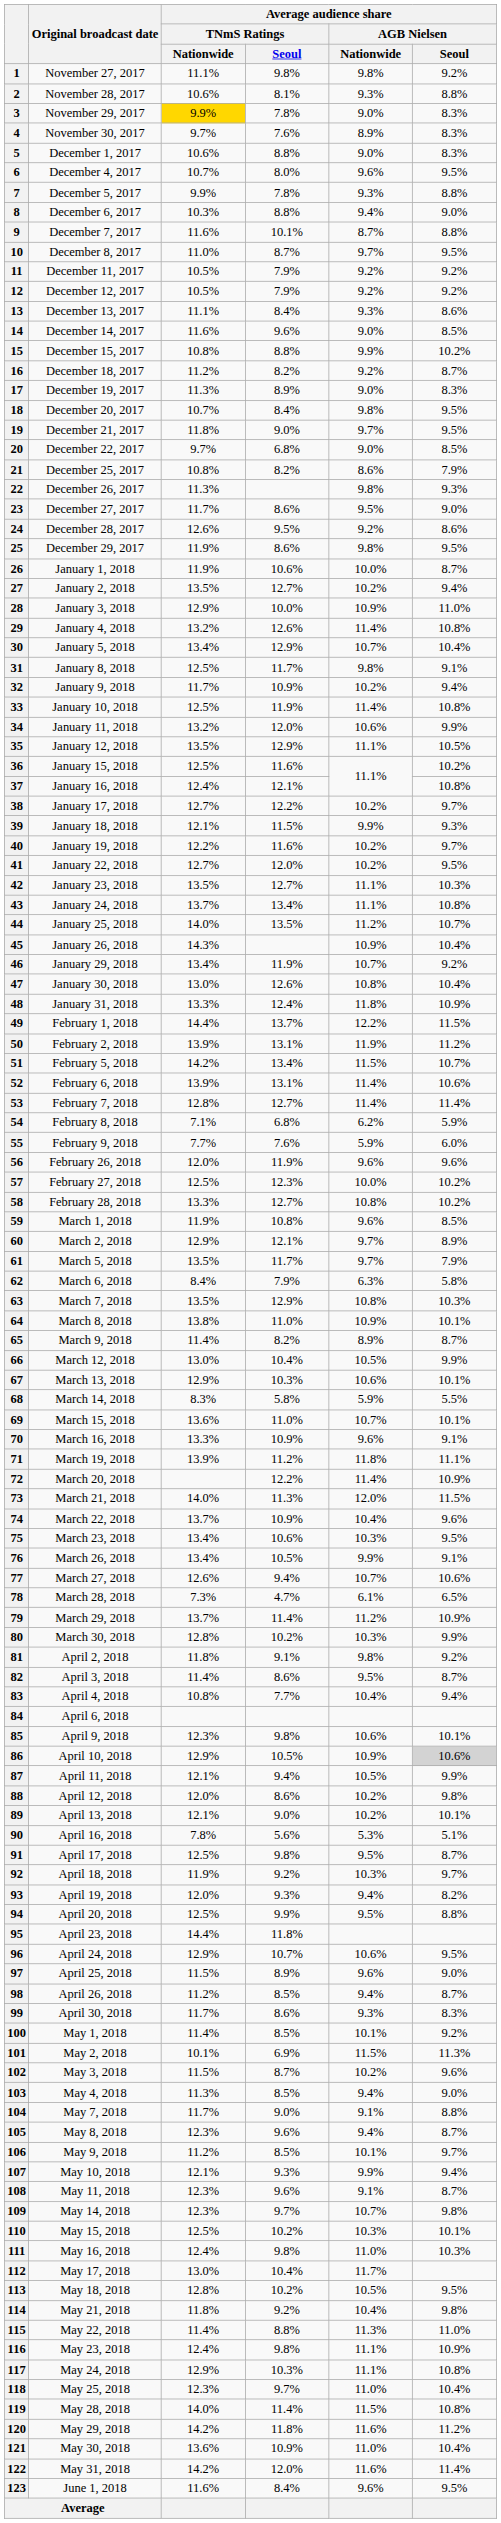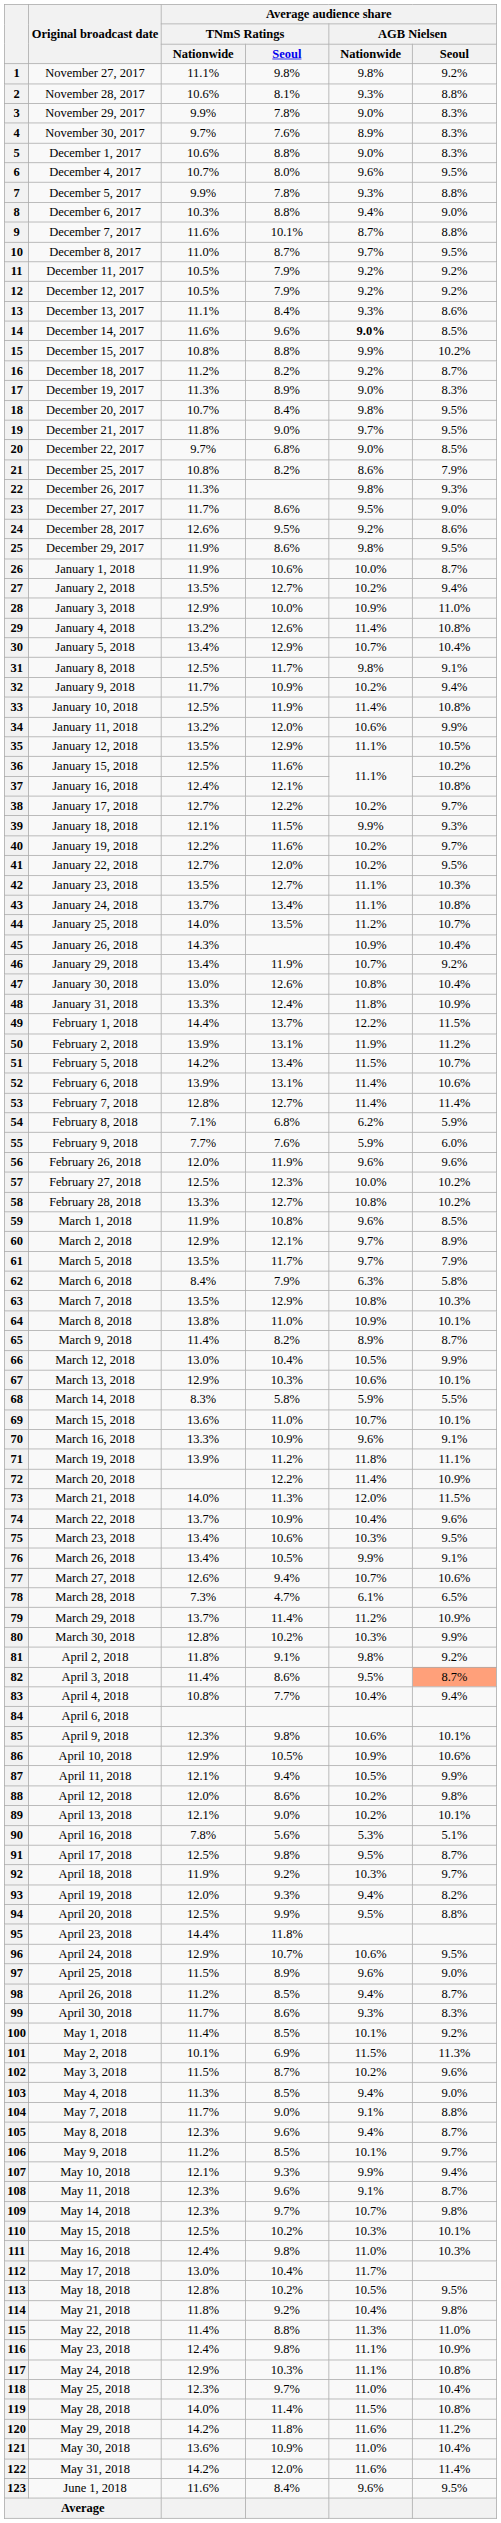 <table class="wikitable" style="text-align:center">
 <tr>
 <th rowspan="3"></th>
 <th rowspan="3">Original broadcast date</th>
 <th colspan="4">Average audience share</th>
 </tr>
 <tr>
 <th colspan="2">TNmS Ratings</th>
 <th colspan="2">AGB Nielsen</th>
 </tr>
 <tr>
 <th width=100>Nationwide</th>
 <th width=100><a href='#'>Seoul</a></th>
 <th width=100>Nationwide</th>
 <th width=100>Seoul</th>
 </tr>
 <tr>
 <th>1</th>
 <td>November 27, 2017</td>
 <td>11.1% </td>
 <td>9.8% </td>
 <td>9.8% </td>
 <td>9.2% </td>
 </tr>
 <tr>
 <th>2</th>
 <td>November 28, 2017</td>
 <td>10.6% </td>
 <td>8.1% </td>
 <td>9.3% </td>
 <td>8.8% </td>
 </tr>
 <tr>
 <th>3</th>
 <td>November 29, 2017</td>
-<td style="background: gold;">9.9% </td>
+<td>9.9% </td>
 <td>7.8% </td>
 <td>9.0% </td>
 <td>8.3% </td>
 </tr>
 <tr>
 <th>4</th>
 <td>November 30, 2017</td>
 <td>9.7% </td>
 <td>7.6% </td>
 <td>8.9% </td>
 <td>8.3% </td>
 </tr>
 <tr>
 <th>5</th>
 <td>December 1, 2017</td>
 <td>10.6% </td>
 <td>8.8% </td>
 <td>9.0% </td>
 <td>8.3% </td>
 </tr>
 <tr>
 <th>6</th>
 <td>December 4, 2017</td>
 <td>10.7% </td>
 <td>8.0% </td>
 <td>9.6% </td>
 <td>9.5% </td>
 </tr>
 <tr>
 <th>7</th>
 <td>December 5, 2017</td>
 <td>9.9% </td>
 <td>7.8% </td>
 <td>9.3% </td>
 <td>8.8% </td>
 </tr>
 <tr>
 <th>8</th>
 <td>December 6, 2017</td>
 <td>10.3% </td>
 <td>8.8% </td>
 <td>9.4% </td>
 <td>9.0% </td>
 </tr>
 <tr>
 <th>9</th>
 <td>December 7, 2017</td>
 <td>11.6% </td>
 <td>10.1% </td>
 <td>8.7% </td>
 <td>8.8% </td>
 </tr>
 <tr>
 <th>10</th>
 <td>December 8, 2017</td>
 <td>11.0% </td>
 <td>8.7% </td>
 <td>9.7% </td>
 <td>9.5% </td>
 </tr>
 <tr>
 <th>11</th>
 <td>December 11, 2017</td>
 <td>10.5% </td>
 <td>7.9% </td>
 <td>9.2% </td>
 <td>9.2% </td>
 </tr>
 <tr>
 <th>12</th>
 <td>December 12, 2017</td>
 <td>10.5% </td>
 <td>7.9% </td>
 <td>9.2% </td>
 <td>9.2% </td>
 </tr>
 <tr>
 <th>13</th>
 <td>December 13, 2017</td>
 <td>11.1% </td>
 <td>8.4% </td>
 <td>9.3% </td>
 <td>8.6% </td>
 </tr>
 <tr>
 <th>14</th>
 <td>December 14, 2017</td>
 <td>11.6% </td>
 <td>9.6% </td>
-<td>9.0% </td>
+<td><strong>9.0% </strong></td>
 <td>8.5% </td>
 </tr>
 <tr>
 <th>15</th>
 <td>December 15, 2017</td>
 <td>10.8% </td>
 <td>8.8% </td>
 <td>9.9% </td>
 <td>10.2% </td>
 </tr>
 <tr>
 <th>16</th>
 <td>December 18, 2017</td>
 <td>11.2% </td>
 <td>8.2% </td>
 <td>9.2% </td>
 <td>8.7% </td>
 </tr>
 <tr>
 <th>17</th>
 <td>December 19, 2017</td>
 <td>11.3% </td>
 <td>8.9% </td>
 <td>9.0% </td>
 <td>8.3% </td>
 </tr>
 <tr>
 <th>18</th>
 <td>December 20, 2017</td>
 <td>10.7% </td>
 <td>8.4% </td>
 <td>9.8% </td>
 <td>9.5% </td>
 </tr>
 <tr>
 <th>19</th>
 <td>December 21, 2017</td>
 <td>11.8% </td>
 <td>9.0% </td>
 <td>9.7% </td>
 <td>9.5% </td>
 </tr>
 <tr>
 <th>20</th>
 <td>December 22, 2017</td>
 <td>9.7% </td>
 <td>6.8% </td>
 <td>9.0% </td>
 <td>8.5% </td>
 </tr>
 <tr>
 <th>21</th>
 <td>December 25, 2017</td>
 <td>10.8% </td>
 <td>8.2% </td>
 <td>8.6% </td>
 <td>7.9% </td>
 </tr>
 <tr>
 <th>22</th>
 <td>December 26, 2017</td>
 <td>11.3% </td>
 <td></td>
 <td>9.8% </td>
 <td>9.3% </td>
 </tr>
 <tr>
 <th>23</th>
 <td>December 27, 2017</td>
 <td>11.7% </td>
 <td>8.6% </td>
 <td>9.5% </td>
 <td>9.0% </td>
 </tr>
 <tr>
 <th>24</th>
 <td>December 28, 2017</td>
 <td>12.6% </td>
 <td>9.5% </td>
 <td>9.2% </td>
 <td>8.6% </td>
 </tr>
 <tr>
 <th>25</th>
 <td>December 29, 2017</td>
 <td>11.9% </td>
 <td>8.6% </td>
 <td>9.8% </td>
 <td>9.5% </td>
 </tr>
 <tr>
 <th>26</th>
 <td>January 1, 2018</td>
 <td>11.9% </td>
 <td>10.6%</td>
 <td>10.0% </td>
 <td>8.7% </td>
 </tr>
 <tr>
 <th>27</th>
 <td>January 2, 2018</td>
 <td>13.5% </td>
 <td>12.7%</td>
 <td>10.2% </td>
 <td>9.4% </td>
 </tr>
 <tr>
 <th>28</th>
 <td>January 3, 2018</td>
 <td>12.9% </td>
 <td>10.0% </td>
 <td>10.9% </td>
 <td>11.0% </td>
 </tr>
 <tr>
 <th>29</th>
 <td>January 4, 2018</td>
 <td>13.2% </td>
 <td>12.6%</td>
 <td>11.4% </td>
 <td>10.8% </td>
 </tr>
 <tr>
 <th>30</th>
 <td>January 5, 2018</td>
 <td>13.4% </td>
 <td>12.9%</td>
 <td>10.7% </td>
 <td>10.4% </td>
 </tr>
 <tr>
 <th>31</th>
 <td>January 8, 2018</td>
 <td>12.5% </td>
 <td>11.7%</td>
 <td>9.8% </td>
 <td>9.1% </td>
 </tr>
 <tr>
 <th>32</th>
 <td>January 9, 2018</td>
 <td>11.7% </td>
 <td>10.9%</td>
 <td>10.2% </td>
 <td>9.4% </td>
 </tr>
 <tr>
 <th>33</th>
 <td>January 10, 2018</td>
 <td>12.5% </td>
 <td>11.9%</td>
 <td>11.4% </td>
 <td>10.8% </td>
 </tr>
 <tr>
 <th>34</th>
 <td>January 11, 2018</td>
 <td>13.2% </td>
 <td>12.0%</td>
 <td>10.6% </td>
 <td>9.9% </td>
 </tr>
 <tr>
 <th>35</th>
 <td>January 12, 2018</td>
 <td>13.5% </td>
 <td>12.9%</td>
 <td>11.1% </td>
 <td>10.5% </td>
 </tr>
 <tr>
 <th>36</th>
 <td>January 15, 2018</td>
 <td>12.5% </td>
 <td>11.6%</td>
 <td rowspan=2>11.1% </td>
 <td>10.2% </td>
 </tr>
 <tr>
 <th>37</th>
 <td>January 16, 2018</td>
 <td>12.4% </td>
 <td>12.1%</td>
 <td>10.8% </td>
 </tr>
 <tr>
 <th>38</th>
 <td>January 17, 2018</td>
 <td>12.7% </td>
 <td>12.2%</td>
 <td>10.2% </td>
 <td>9.7% </td>
 </tr>
 <tr>
 <th>39</th>
 <td>January 18, 2018</td>
 <td>12.1% </td>
 <td>11.5%</td>
 <td>9.9% </td>
 <td>9.3% </td>
 </tr>
 <tr>
 <th>40</th>
 <td>January 19, 2018</td>
 <td>12.2% </td>
 <td>11.6%</td>
 <td>10.2% </td>
 <td>9.7% </td>
 </tr>
 <tr>
 <th>41</th>
 <td>January 22, 2018</td>
 <td>12.7% </td>
 <td>12.0%</td>
 <td>10.2% </td>
 <td>9.5% </td>
 </tr>
 <tr>
 <th>42</th>
 <td>January 23, 2018</td>
 <td>13.5% </td>
 <td>12.7%</td>
 <td>11.1% </td>
 <td>10.3% </td>
 </tr>
 <tr>
 <th>43</th>
 <td>January 24, 2018</td>
 <td>13.7% </td>
 <td>13.4%</td>
 <td>11.1% </td>
 <td>10.8% </td>
 </tr>
 <tr>
 <th>44</th>
 <td>January 25, 2018</td>
 <td>14.0% </td>
 <td>13.5%</td>
 <td>11.2% </td>
 <td>10.7% </td>
 </tr>
 <tr>
 <th>45</th>
 <td>January 26, 2018</td>
 <td>14.3% </td>
 <td></td>
 <td>10.9% </td>
 <td>10.4% </td>
 </tr>
 <tr>
 <th>46</th>
 <td>January 29, 2018</td>
 <td>13.4% </td>
 <td>11.9%</td>
 <td>10.7% </td>
 <td>9.2% </td>
 </tr>
 <tr>
 <th>47</th>
 <td>January 30, 2018</td>
 <td>13.0% </td>
 <td>12.6%</td>
 <td>10.8% </td>
 <td>10.4% </td>
 </tr>
 <tr>
 <th>48</th>
 <td>January 31, 2018</td>
 <td>13.3% </td>
 <td>12.4%</td>
 <td>11.8% </td>
 <td>10.9% </td>
 </tr>
 <tr>
 <th>49</th>
 <td>February 1, 2018</td>
 <td>14.4% </td>
 <td>13.7%</td>
 <td>12.2% </td>
 <td>11.5% </td>
 </tr>
 <tr>
 <th>50</th>
 <td>February 2, 2018</td>
 <td>13.9% </td>
 <td>13.1%</td>
 <td>11.9% </td>
 <td>11.2% </td>
 </tr>
 <tr>
 <th>51</th>
 <td>February 5, 2018</td>
 <td>14.2% </td>
 <td>13.4%</td>
 <td>11.5% </td>
 <td>10.7% </td>
 </tr>
 <tr>
 <th>52</th>
 <td>February 6, 2018</td>
 <td>13.9% </td>
 <td>13.1%</td>
 <td>11.4% </td>
 <td>10.6% </td>
 </tr>
 <tr>
 <th>53</th>
 <td>February 7, 2018</td>
 <td>12.8% </td>
 <td>12.7%</td>
 <td>11.4% </td>
 <td>11.4% </td>
 </tr>
 <tr>
 <th>54</th>
 <td>February 8, 2018</td>
 <td>7.1% </td>
 <td>6.8%</td>
 <td>6.2% </td>
 <td>5.9% </td>
 </tr>
 <tr>
 <th>55</th>
 <td>February 9, 2018</td>
 <td>7.7% </td>
 <td>7.6%</td>
 <td>5.9% </td>
 <td>6.0% </td>
 </tr>
 <tr>
 <th>56</th>
 <td>February 26, 2018</td>
 <td>12.0% </td>
 <td>11.9%</td>
 <td>9.6% </td>
 <td>9.6% </td>
 </tr>
 <tr>
 <th>57</th>
 <td>February 27, 2018</td>
 <td>12.5% </td>
 <td>12.3%</td>
 <td>10.0% </td>
 <td>10.2% </td>
 </tr>
 <tr>
 <th>58</th>
 <td>February 28, 2018</td>
 <td>13.3% </td>
 <td>12.7%</td>
 <td>10.8% </td>
 <td>10.2% </td>
 </tr>
 <tr>
 <th>59</th>
 <td>March 1, 2018</td>
 <td>11.9% </td>
 <td>10.8%</td>
 <td>9.6% </td>
 <td>8.5% </td>
 </tr>
 <tr>
 <th>60</th>
 <td>March 2, 2018</td>
 <td>12.9% </td>
 <td>12.1%</td>
 <td>9.7% </td>
 <td>8.9% </td>
 </tr>
 <tr>
 <th>61</th>
 <td>March 5, 2018</td>
 <td>13.5% </td>
 <td>11.7%</td>
 <td>9.7% </td>
 <td>7.9% </td>
 </tr>
 <tr>
 <th>62</th>
 <td>March 6, 2018</td>
 <td>8.4% </td>
 <td>7.9%</td>
 <td>6.3% </td>
 <td>5.8% </td>
 </tr>
 <tr>
 <th>63</th>
 <td>March 7, 2018</td>
 <td>13.5% </td>
 <td>12.9%</td>
 <td>10.8% </td>
 <td>10.3% </td>
 </tr>
 <tr>
 <th>64</th>
 <td>March 8, 2018</td>
 <td>13.8% </td>
 <td>11.0%</td>
 <td>10.9% </td>
 <td>10.1% </td>
 </tr>
 <tr>
 <th>65</th>
 <td>March 9, 2018</td>
 <td>11.4% </td>
 <td>8.2%</td>
 <td>8.9% </td>
 <td>8.7% </td>
 </tr>
 <tr>
 <th>66</th>
 <td>March 12, 2018</td>
 <td>13.0% </td>
 <td>10.4%</td>
 <td>10.5% </td>
 <td>9.9% </td>
 </tr>
 <tr>
 <th>67</th>
 <td>March 13, 2018</td>
 <td>12.9% </td>
 <td>10.3%</td>
 <td>10.6% </td>
 <td>10.1% </td>
 </tr>
 <tr>
 <th>68</th>
 <td>March 14, 2018</td>
 <td>8.3% </td>
 <td>5.8%</td>
 <td>5.9% </td>
 <td>5.5% </td>
 </tr>
 <tr>
 <th>69</th>
 <td>March 15, 2018</td>
 <td>13.6% </td>
 <td>11.0%</td>
 <td>10.7% </td>
 <td>10.1% </td>
 </tr>
 <tr>
 <th>70</th>
 <td>March 16, 2018</td>
 <td>13.3% </td>
 <td>10.9%</td>
 <td>9.6% </td>
 <td>9.1% </td>
 </tr>
 <tr>
 <th>71</th>
 <td>March 19, 2018</td>
 <td>13.9% </td>
 <td>11.2%</td>
 <td>11.8% </td>
 <td>11.1% </td>
 </tr>
 <tr>
 <th>72</th>
 <td>March 20, 2018</td>
 <td> </td>
 <td>12.2%</td>
 <td>11.4% </td>
 <td>10.9% </td>
 </tr>
 <tr>
 <th>73</th>
 <td>March 21, 2018</td>
 <td>14.0% </td>
 <td>11.3%</td>
 <td>12.0% </td>
 <td>11.5% </td>
 </tr>
 <tr>
 <th>74</th>
 <td>March 22, 2018</td>
 <td>13.7% </td>
 <td>10.9%</td>
 <td>10.4% </td>
 <td>9.6% </td>
 </tr>
 <tr>
 <th>75</th>
 <td>March 23, 2018</td>
 <td>13.4% </td>
 <td>10.6%</td>
 <td>10.3% </td>
 <td>9.5% </td>
 </tr>
 <tr>
 <th>76</th>
 <td>March 26, 2018</td>
 <td>13.4% </td>
 <td>10.5%</td>
 <td>9.9% </td>
 <td>9.1% </td>
 </tr>
 <tr>
 <th>77</th>
 <td>March 27, 2018</td>
 <td>12.6% </td>
 <td>9.4%</td>
 <td>10.7% </td>
 <td>10.6% </td>
 </tr>
 <tr>
 <th>78</th>
 <td>March 28, 2018</td>
 <td>7.3% </td>
 <td>4.7%</td>
 <td>6.1% </td>
 <td>6.5% </td>
 </tr>
 <tr>
 <th>79</th>
 <td>March 29, 2018</td>
 <td>13.7% </td>
 <td>11.4%</td>
 <td>11.2% </td>
 <td>10.9% </td>
 </tr>
 <tr>
 <th>80</th>
 <td>March 30, 2018</td>
 <td>12.8% </td>
 <td>10.2%</td>
 <td>10.3% </td>
 <td>9.9% </td>
 </tr>
 <tr>
 <th>81</th>
 <td>April 2, 2018</td>
 <td>11.8% </td>
 <td>9.1%</td>
 <td>9.8% </td>
 <td>9.2% </td>
 </tr>
 <tr>
 <th>82</th>
 <td>April 3, 2018</td>
 <td>11.4% </td>
 <td>8.6%</td>
 <td>9.5% </td>
-<td>8.7% </td>
+<td style="background: lightsalmon;">8.7% </td>
 </tr>
 <tr>
 <th>83</th>
 <td>April 4, 2018</td>
 <td>10.8% </td>
 <td>7.7%</td>
 <td>10.4% </td>
 <td>9.4% </td>
 </tr>
 <tr>
 <th>84</th>
 <td>April 6, 2018</td>
 <td> </td>
 <td></td>
 <td> </td>
 <td> </td>
 </tr>
 <tr>
 <th>85</th>
 <td>April 9, 2018</td>
 <td>12.3% </td>
 <td>9.8%</td>
 <td>10.6% </td>
 <td>10.1% </td>
 </tr>
 <tr>
 <th>86</th>
 <td>April 10, 2018</td>
 <td>12.9% </td>
 <td>10.5%</td>
 <td>10.9% </td>
-<td style="background: lightgrey;">10.6% </td>
+<td>10.6% </td>
 </tr>
 <tr>
 <th>87</th>
 <td>April 11, 2018</td>
 <td>12.1% </td>
 <td>9.4%</td>
 <td>10.5% </td>
 <td>9.9% </td>
 </tr>
 <tr>
 <th>88</th>
 <td>April 12, 2018</td>
 <td>12.0% </td>
 <td>8.6%</td>
 <td>10.2% </td>
 <td>9.8% </td>
 </tr>
 <tr>
 <th>89</th>
 <td>April 13, 2018</td>
 <td>12.1% </td>
 <td>9.0%</td>
 <td>10.2% </td>
 <td>10.1% </td>
 </tr>
 <tr>
 <th>90</th>
 <td>April 16, 2018</td>
 <td>7.8% </td>
 <td>5.6%</td>
 <td>5.3% </td>
 <td>5.1% </td>
 </tr>
 <tr>
 <th>91</th>
 <td>April 17, 2018</td>
 <td>12.5% </td>
 <td>9.8%</td>
 <td>9.5% </td>
 <td>8.7% </td>
 </tr>
 <tr>
 <th>92</th>
 <td>April 18, 2018</td>
 <td>11.9% </td>
 <td>9.2%</td>
 <td>10.3% </td>
 <td>9.7% </td>
 </tr>
 <tr>
 <th>93</th>
 <td>April 19, 2018</td>
 <td>12.0% </td>
 <td>9.3%</td>
 <td>9.4% </td>
 <td>8.2% </td>
 </tr>
 <tr>
 <th>94</th>
 <td>April 20, 2018</td>
 <td>12.5% </td>
 <td>9.9%</td>
 <td>9.5% </td>
 <td>8.8% </td>
 </tr>
 <tr>
 <th>95</th>
 <td>April 23, 2018</td>
 <td>14.4% </td>
 <td>11.8%</td>
 <td> </td>
 <td> </td>
 </tr>
 <tr>
 <th>96</th>
 <td>April 24, 2018</td>
 <td>12.9% </td>
 <td>10.7%</td>
 <td>10.6% </td>
 <td>9.5% </td>
 </tr>
 <tr>
 <th>97</th>
 <td>April 25, 2018</td>
 <td>11.5% </td>
 <td>8.9%</td>
 <td>9.6% </td>
 <td>9.0% </td>
 </tr>
 <tr>
 <th>98</th>
 <td>April 26, 2018</td>
 <td>11.2% </td>
 <td>8.5%</td>
 <td>9.4% </td>
 <td>8.7% </td>
 </tr>
 <tr>
 <th>99</th>
 <td>April 30, 2018</td>
 <td>11.7% </td>
 <td>8.6%</td>
 <td>9.3% </td>
 <td>8.3% </td>
 </tr>
 <tr>
 <th>100</th>
 <td>May 1, 2018</td>
 <td>11.4% </td>
 <td>8.5%</td>
 <td>10.1% </td>
 <td>9.2% </td>
 </tr>
 <tr>
 <th>101</th>
 <td>May 2, 2018</td>
 <td>10.1% </td>
 <td>6.9%</td>
 <td>11.5% </td>
 <td>11.3% </td>
 </tr>
 <tr>
 <th>102</th>
 <td>May 3, 2018</td>
 <td>11.5% </td>
 <td>8.7%</td>
 <td>10.2% </td>
 <td>9.6% </td>
 </tr>
 <tr>
 <th>103</th>
 <td>May 4, 2018</td>
 <td>11.3% </td>
 <td>8.5%</td>
 <td>9.4% </td>
 <td>9.0% </td>
 </tr>
 <tr>
 <th>104</th>
 <td>May 7, 2018</td>
 <td>11.7% </td>
 <td>9.0%</td>
 <td>9.1% </td>
 <td>8.8% </td>
 </tr>
 <tr>
 <th>105</th>
 <td>May 8, 2018</td>
 <td>12.3% </td>
 <td>9.6%</td>
 <td>9.4% </td>
 <td>8.7% </td>
 </tr>
 <tr>
 <th>106</th>
 <td>May 9, 2018</td>
 <td>11.2% </td>
 <td>8.5%</td>
 <td>10.1% </td>
 <td>9.7% </td>
 </tr>
 <tr>
 <th>107</th>
 <td>May 10, 2018</td>
 <td>12.1% </td>
 <td>9.3%</td>
 <td>9.9% </td>
 <td>9.4% </td>
 </tr>
 <tr>
 <th>108</th>
 <td>May 11, 2018</td>
 <td>12.3% </td>
 <td>9.6%</td>
 <td>9.1% </td>
 <td>8.7% </td>
 </tr>
 <tr>
 <th>109</th>
 <td>May 14, 2018</td>
 <td>12.3% </td>
 <td>9.7%</td>
 <td>10.7% </td>
 <td>9.8% </td>
 </tr>
 <tr>
 <th>110</th>
 <td>May 15, 2018</td>
 <td>12.5% </td>
 <td>10.2%</td>
 <td>10.3% </td>
 <td>10.1% </td>
 </tr>
 <tr>
 <th>111</th>
 <td>May 16, 2018</td>
 <td>12.4% </td>
 <td>9.8%</td>
 <td>11.0% </td>
 <td>10.3% </td>
 </tr>
 <tr>
 <th>112</th>
 <td>May 17, 2018</td>
 <td>13.0% </td>
 <td>10.4%</td>
 <td>11.7% </td>
 <td> </td>
 </tr>
 <tr>
 <th>113</th>
 <td>May 18, 2018</td>
 <td>12.8% </td>
 <td>10.2%</td>
 <td>10.5% </td>
 <td>9.5% </td>
 </tr>
 <tr>
 <th>114</th>
 <td>May 21, 2018</td>
 <td>11.8% </td>
 <td>9.2%</td>
 <td>10.4% </td>
 <td>9.8% </td>
 </tr>
 <tr>
 <th>115</th>
 <td>May 22, 2018</td>
 <td>11.4% </td>
 <td>8.8%</td>
 <td>11.3% </td>
 <td>11.0% </td>
 </tr>
 <tr>
 <th>116</th>
 <td>May 23, 2018</td>
 <td>12.4% </td>
 <td>9.8%</td>
 <td>11.1% </td>
 <td>10.9% </td>
 </tr>
 <tr>
 <th>117</th>
 <td>May 24, 2018</td>
 <td>12.9% </td>
 <td>10.3%</td>
 <td>11.1% </td>
 <td>10.8% </td>
 </tr>
 <tr>
 <th>118</th>
 <td>May 25, 2018</td>
 <td>12.3% </td>
 <td>9.7%</td>
 <td>11.0% </td>
 <td>10.4% </td>
 </tr>
 <tr>
 <th>119</th>
 <td>May 28, 2018</td>
 <td>14.0% </td>
 <td>11.4%</td>
 <td>11.5% </td>
 <td>10.8% </td>
 </tr>
 <tr>
 <th>120</th>
 <td>May 29, 2018</td>
 <td>14.2% </td>
 <td>11.8%</td>
 <td>11.6% </td>
 <td>11.2% </td>
 </tr>
 <tr>
 <th>121</th>
 <td>May 30, 2018</td>
 <td>13.6% </td>
 <td>10.9%</td>
 <td>11.0% </td>
 <td>10.4% </td>
 </tr>
 <tr>
 <th>122</th>
 <td>May 31, 2018</td>
 <td>14.2% </td>
 <td>12.0%</td>
 <td>11.6% </td>
 <td>11.4% </td>
 </tr>
 <tr>
 <th>123</th>
 <td>June 1, 2018</td>
 <td>11.6%</td>
 <td>8.4%</td>
 <td>9.6% </td>
 <td>9.5% </td>
 </tr>
 <tr>
 <th colspan="2">Average</th>
 <th></th>
 <th></th>
 <th></th>
 <th></th>
 </tr>
 </table>
